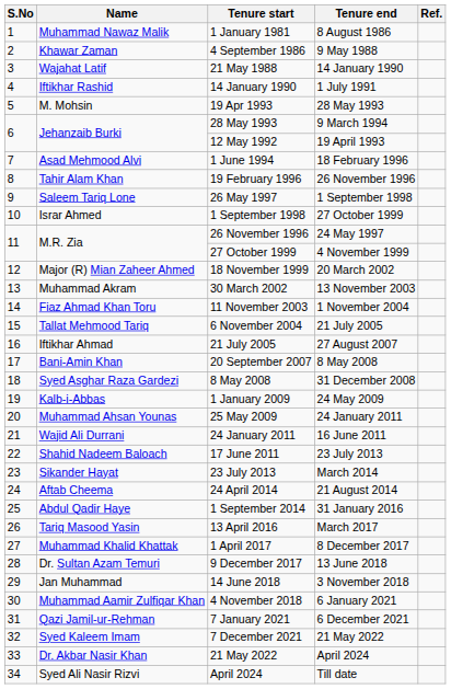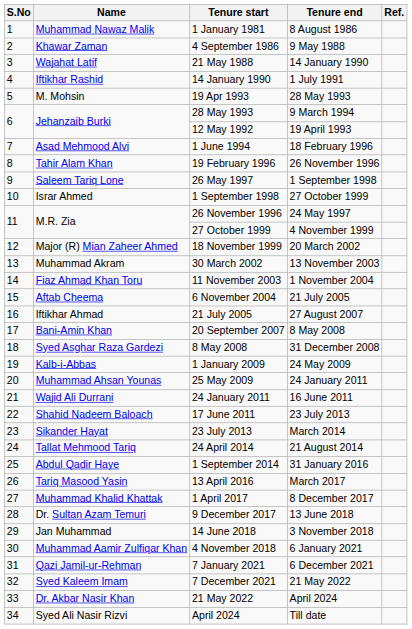 <table class="wikitable">
 <tr>
 <th>S.No</th>
 <th>Name</th>
 <th>Tenure start</th>
 <th>Tenure end</th>
 <th>Ref.</th>
 </tr>
 <tr>
 <td>1</td>
 <td><a href='#'>Muhammad Nawaz Malik</a></td>
 <td>1 January 1981</td>
 <td>8 August 1986</td>
 <td></td>
 </tr>
 <tr>
 <td>2</td>
 <td><a href='#'>Khawar Zaman</a></td>
 <td>4 September 1986</td>
 <td>9 May 1988</td>
 <td></td>
 </tr>
 <tr>
 <td>3</td>
 <td><a href='#'>Wajahat Latif</a></td>
 <td>21 May 1988</td>
 <td>14 January 1990</td>
 <td></td>
 </tr>
 <tr>
 <td>4</td>
 <td><a href='#'>Iftikhar Rashid</a></td>
 <td>14 January 1990</td>
 <td>1 July 1991</td>
 <td></td>
 </tr>
 <tr>
 <td>5</td>
 <td>M. Mohsin</td>
 <td>19 Apr 1993</td>
 <td>28 May 1993</td>
 <td></td>
 </tr>
 <tr>
 <td rowspan="2">6</td>
 <td rowspan="2"><a href='#'>Jehanzaib Burki</a></td>
 <td>28 May 1993</td>
 <td>9 March 1994</td>
 <td></td>
 </tr>
 <tr>
 <td>12 May 1992</td>
 <td>19 April 1993</td>
 <td></td>
 </tr>
 <tr>
 <td>7</td>
 <td><a href='#'>Asad Mehmood Alvi</a></td>
 <td>1 June 1994</td>
 <td>18 February 1996</td>
 <td></td>
 </tr>
 <tr>
 <td>8</td>
 <td><a href='#'>Tahir Alam Khan</a></td>
 <td>19 February 1996</td>
 <td>26 November 1996</td>
 <td></td>
 </tr>
 <tr>
 <td>9</td>
 <td><a href='#'>Saleem Tariq Lone</a></td>
 <td>26 May 1997</td>
 <td>1 September 1998</td>
 <td></td>
 </tr>
 <tr>
 <td>10</td>
 <td>Israr Ahmed</td>
 <td>1 September 1998</td>
 <td>27 October 1999</td>
 <td></td>
 </tr>
 <tr>
 <td rowspan="2">11</td>
 <td rowspan="2">M.R. Zia</td>
 <td>26 November 1996</td>
 <td>24 May 1997</td>
 <td></td>
 </tr>
 <tr>
 <td>27 October 1999</td>
 <td>4 November 1999</td>
 <td></td>
 </tr>
 <tr>
 <td>12</td>
 <td>Major (R) <a href='#'>Mian Zaheer Ahmed</a></td>
 <td>18 November 1999</td>
 <td>20 March 2002</td>
 <td></td>
 </tr>
 <tr>
 <td>13</td>
 <td>Muhammad Akram</td>
 <td>30 March 2002</td>
 <td>13 November 2003</td>
 <td></td>
 </tr>
 <tr>
 <td>14</td>
 <td><a href='#'>Fiaz Ahmad Khan Toru</a></td>
 <td>11 November 2003</td>
 <td>1 November 2004</td>
 <td></td>
 </tr>
 <tr>
 <td>15</td>
-<td><a href='#'>Tallat Mehmood Tariq</a></td>
+<td><a href='#'>Aftab Cheema</a></td>
 <td>6 November 2004</td>
 <td>21 July 2005</td>
 <td></td>
 </tr>
 <tr>
 <td>16</td>
 <td>Iftikhar Ahmad</td>
 <td>21 July 2005</td>
 <td>27 August 2007</td>
 <td></td>
 </tr>
 <tr>
 <td>17</td>
 <td><a href='#'>Bani-Amin Khan</a></td>
 <td>20 September 2007</td>
 <td>8 May 2008</td>
 <td></td>
 </tr>
 <tr>
 <td>18</td>
 <td><a href='#'>Syed Asghar Raza Gardezi</a></td>
 <td>8 May 2008</td>
 <td>31 December 2008</td>
 <td></td>
 </tr>
 <tr>
 <td>19</td>
 <td><a href='#'>Kalb-i-Abbas</a></td>
 <td>1 January 2009</td>
 <td>24 May 2009</td>
 <td></td>
 </tr>
 <tr>
 <td>20</td>
 <td><a href='#'>Muhammad Ahsan Younas</a></td>
 <td>25 May 2009</td>
 <td>24 January 2011</td>
 <td></td>
 </tr>
 <tr>
 <td>21</td>
 <td><a href='#'>Wajid Ali Durrani</a></td>
 <td>24 January 2011</td>
 <td>16 June 2011</td>
 <td></td>
 </tr>
 <tr>
 <td>22</td>
 <td><a href='#'>Shahid Nadeem Baloach</a></td>
 <td>17 June 2011</td>
 <td>23 July 2013</td>
 <td></td>
 </tr>
 <tr>
 <td>23</td>
 <td><a href='#'>Sikander Hayat</a></td>
 <td>23 July 2013</td>
 <td>March 2014</td>
 <td></td>
 </tr>
 <tr>
 <td>24</td>
-<td><a href='#'>Aftab Cheema</a></td>
+<td><a href='#'>Tallat Mehmood Tariq</a></td>
 <td>24 April 2014</td>
 <td>21 August 2014</td>
 <td></td>
 </tr>
 <tr>
 <td>25</td>
 <td><a href='#'>Abdul Qadir Haye</a></td>
 <td>1 September 2014</td>
 <td>31 January 2016</td>
 <td></td>
 </tr>
 <tr>
 <td>26</td>
 <td><a href='#'>Tariq Masood Yasin</a></td>
 <td>13 April 2016</td>
 <td>March 2017</td>
 <td></td>
 </tr>
 <tr>
 <td>27</td>
 <td><a href='#'>Muhammad Khalid Khattak</a></td>
 <td>1 April 2017</td>
 <td>8 December 2017</td>
 <td></td>
 </tr>
 <tr>
 <td>28</td>
 <td>Dr. <a href='#'>Sultan Azam Temuri</a></td>
 <td>9 December 2017</td>
 <td>13 June 2018</td>
 <td></td>
 </tr>
 <tr>
 <td>29</td>
 <td>Jan Muhammad</td>
 <td>14 June 2018</td>
 <td>3 November 2018</td>
 <td></td>
 </tr>
 <tr>
 <td>30</td>
 <td><a href='#'>Muhammad Aamir Zulfiqar Khan</a></td>
 <td>4 November 2018</td>
 <td>6 January 2021</td>
 <td></td>
 </tr>
 <tr>
 <td>31</td>
 <td><a href='#'>Qazi Jamil-ur-Rehman</a></td>
 <td>7 January 2021</td>
 <td>6 December 2021</td>
 <td></td>
 </tr>
 <tr>
 <td>32</td>
 <td><a href='#'>Syed Kaleem Imam</a></td>
 <td>7 December 2021</td>
 <td>21 May 2022</td>
 <td></td>
 </tr>
 <tr>
 <td>33</td>
 <td><a href='#'>Dr. Akbar Nasir Khan</a></td>
 <td>21 May 2022</td>
 <td>April 2024</td>
 <td></td>
 </tr>
 <tr>
 <td>34</td>
 <td>Syed Ali Nasir Rizvi</td>
 <td>April 2024</td>
 <td>Till date</td>
 <td></td>
 </tr>
 </table>
